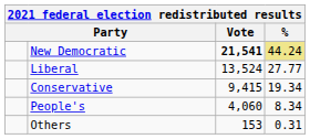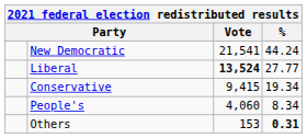 <table class="wikitable">
 <tr>
 <th colspan="4"><a href='#'>2021 federal election</a> redistributed results</th>
 </tr>
 <tr>
 <th bgcolor="#DDDDFF" width="130px" colspan="2">Party</th>
 <th bgcolor="#DDDDFF" width="50px">Vote</th>
 <th bgcolor="#DDDDFF" width="30px">%</th>
 </tr>
 <tr>
 <td> </td>
 <td><a href='#'>New Democratic</a></td>
-<td align=right><strong>21,541</strong></td>
-<td align=right style="background: khaki;">44.24</td>
+<td align=right>21,541</td>
+<td align=right>44.24</td>
 </tr>
 <tr>
 <td> </td>
 <td><a href='#'>Liberal</a></td>
-<td align=right>13,524</td>
+<td align=right><strong>13,524</strong></td>
 <td align=right>27.77</td>
 </tr>
 <tr>
 <td> </td>
 <td><a href='#'>Conservative</a></td>
 <td align=right>9,415</td>
 <td align=right>19.34</td>
 </tr>
 <tr>
 <td> </td>
 <td><a href='#'>People's</a></td>
 <td align=right>4,060</td>
 <td align=right>8.34</td>
 </tr>
 <tr>
 <td> </td>
 <td>Others</td>
 <td align=right>153</td>
-<td align=right>0.31</td>
+<td align=right><strong>0.31</strong></td>
 </tr>
 </table>
